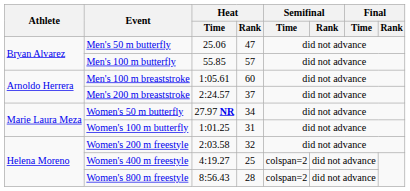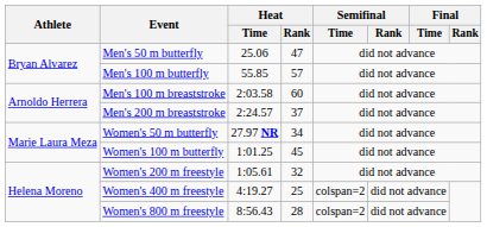 <table class=wikitable style="font-size:90%">
 <tr>
 <th rowspan="2">Athlete</th>
 <th rowspan="2">Event</th>
 <th colspan="2">Heat</th>
 <th colspan="2">Semifinal</th>
 <th colspan="2">Final</th>
 </tr>
 <tr style="font-size:95%">
 <th>Time</th>
 <th>Rank</th>
 <th>Time</th>
 <th>Rank</th>
 <th>Time</th>
 <th>Rank</th>
 </tr>
 <tr align=center>
 <td align=left rowspan=2><a href='#'>Bryan Alvarez</a></td>
 <td align=left><a href='#'>Men's 50 m butterfly</a></td>
 <td>25.06</td>
 <td>47</td>
 <td colspan=4>did not advance</td>
 </tr>
 <tr align=center>
 <td align=left><a href='#'>Men's 100 m butterfly</a></td>
 <td>55.85</td>
 <td>57</td>
 <td colspan=4>did not advance</td>
 </tr>
 <tr align=center>
 <td align=left rowspan=2><a href='#'>Arnoldo Herrera</a></td>
 <td align=left><a href='#'>Men's 100 m breaststroke</a></td>
-<td>1:05.61</td>
+<td>2:03.58</td>
 <td>60</td>
 <td colspan=4>did not advance</td>
 </tr>
 <tr align=center>
 <td align=left><a href='#'>Men's 200 m breaststroke</a></td>
 <td>2:24.57</td>
 <td>37</td>
 <td colspan=4>did not advance</td>
 </tr>
 <tr align=center>
 <td align=left rowspan=2><a href='#'>Marie Laura Meza</a></td>
 <td align=left><a href='#'>Women's 50 m butterfly</a></td>
 <td>27.97 <strong><a href='#'>NR</a></strong></td>
 <td>34</td>
 <td colspan=4>did not advance</td>
 </tr>
 <tr align=center>
 <td align=left><a href='#'>Women's 100 m butterfly</a></td>
 <td>1:01.25</td>
-<td>31</td>
+<td>45</td>
 <td colspan=4>did not advance</td>
 </tr>
 <tr align=center>
 <td align=left rowspan=3><a href='#'>Helena Moreno</a></td>
 <td align=left><a href='#'>Women's 200 m freestyle</a></td>
-<td>2:03.58</td>
+<td>1:05.61</td>
 <td>32</td>
 <td colspan=4>did not advance</td>
 </tr>
 <tr align=center>
 <td align=left><a href='#'>Women's 400 m freestyle</a></td>
 <td>4:19.27</td>
 <td>25</td>
 <td>colspan=2 </td>
 <td colspan=2>did not advance</td>
 </tr>
 <tr align=center>
 <td align=left><a href='#'>Women's 800 m freestyle</a></td>
 <td>8:56.43</td>
 <td>28</td>
 <td>colspan=2 </td>
 <td colspan=2>did not advance</td>
 </tr>
 </table>
